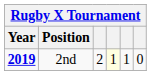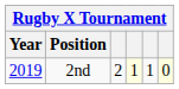 <table class="wikitable" style="text-align: center;">
 <tr>
 <th colspan=6><a href='#'>Rugby X Tournament</a></th>
 </tr>
 <tr>
 <th>Year</th>
 <th>Position</th>
 <th></th>
 <th></th>
 <th></th>
 <th></th>
 </tr>
 <tr>
-<td><strong> <a href='#'>2019</a></strong></td>
+<td> <a href='#'>2019</a></td>
 <td>2nd</td>
 <td>2</td>
 <td style="background: lightyellow;">1</td>
 <td>1</td>
-<td>0</td>
+<td style="background: lightyellow;">0</td>
 </tr>
 </table>
